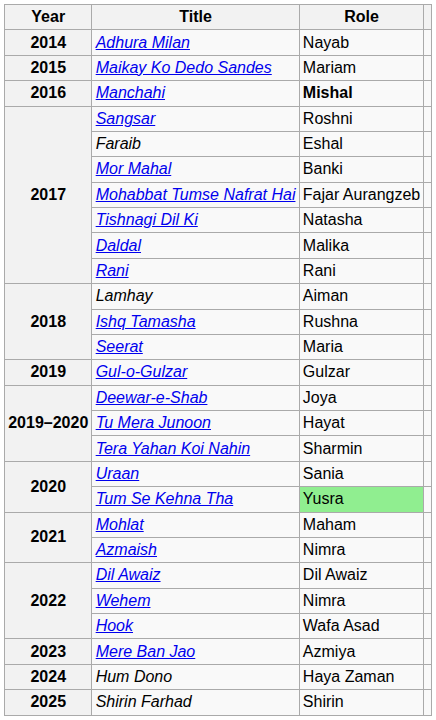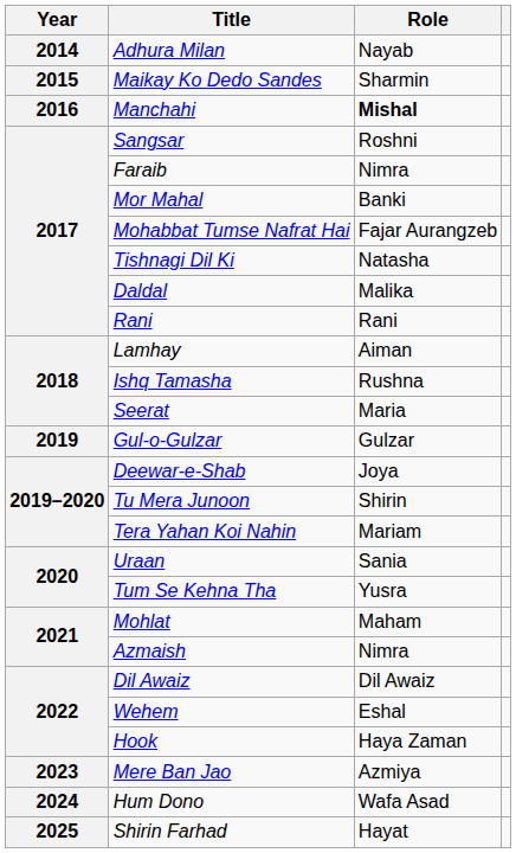 <table class="wikitable sortable plainrowheaders">
 <tr>
 <th>Year</th>
 <th>Title</th>
 <th>Role</th>
 <th class="unsortable"></th>
 </tr>
 <tr>
 <th scope="row" style="text-align:center;">2014</th>
 <td><em><a href='#'>Adhura Milan</a></em></td>
 <td>Nayab</td>
 <td></td>
 </tr>
 <tr>
 <th scope="row" style="text-align:center;">2015</th>
 <td><em><a href='#'>Maikay Ko Dedo Sandes</a></em></td>
-<td>Mariam</td>
+<td>Sharmin</td>
 <td></td>
 </tr>
 <tr>
 <th scope="row" style="text-align:center;">2016</th>
 <td><a href='#'><em>Manchahi</em></a></td>
 <td><strong>Mishal</strong></td>
 <td></td>
 </tr>
 <tr>
 <th scope="row" rowspan="7" style="text-align:center;">2017</th>
 <td><em><a href='#'>Sangsar</a></em></td>
 <td>Roshni</td>
 <td></td>
 </tr>
 <tr>
 <td><em>Faraib</em></td>
-<td>Eshal</td>
+<td>Nimra</td>
 <td></td>
 </tr>
 <tr>
 <td><em><a href='#'>Mor Mahal</a></em></td>
 <td>Banki</td>
 <td></td>
 </tr>
 <tr>
 <td><em><a href='#'>Mohabbat Tumse Nafrat Hai</a></em></td>
 <td>Fajar Aurangzeb</td>
 <td></td>
 </tr>
 <tr>
 <td><em><a href='#'>Tishnagi Dil Ki</a></em></td>
 <td>Natasha</td>
 <td></td>
 </tr>
 <tr>
 <td><em><a href='#'>Daldal</a></em></td>
 <td>Malika</td>
 <td></td>
 </tr>
 <tr>
 <td><em><a href='#'>Rani</a></em></td>
 <td>Rani</td>
 <td></td>
 </tr>
 <tr>
 <th scope="row" rowspan=3 style="text-align:center;">2018</th>
 <td><em>Lamhay</em></td>
 <td>Aiman</td>
 <td></td>
 </tr>
 <tr>
 <td><em><a href='#'>Ishq Tamasha</a></em></td>
 <td>Rushna</td>
 <td></td>
 </tr>
 <tr>
 <td><em><a href='#'>Seerat</a></em></td>
 <td>Maria</td>
 <td></td>
 </tr>
 <tr>
 <th scope="row" style="text-align:center;">2019</th>
 <td><em><a href='#'>Gul-o-Gulzar</a></em></td>
 <td>Gulzar</td>
 <td></td>
 </tr>
 <tr>
 <th scope="row" rowspan=3 style="text-align:center;">2019–2020</th>
 <td><em><a href='#'>Deewar-e-Shab</a></em></td>
 <td>Joya</td>
 <td></td>
 </tr>
 <tr>
 <td><em><a href='#'>Tu Mera Junoon</a></em></td>
-<td>Hayat</td>
+<td>Shirin</td>
 <td></td>
 </tr>
 <tr>
 <td><em><a href='#'>Tera Yahan Koi Nahin</a></em></td>
-<td>Sharmin</td>
+<td>Mariam</td>
 <td></td>
 </tr>
 <tr>
 <th scope="row" rowspan="2" style="text-align:center;">2020</th>
 <td><em><a href='#'>Uraan</a></em></td>
 <td>Sania</td>
 <td></td>
 </tr>
 <tr>
 <td><em><a href='#'>Tum Se Kehna Tha</a></em></td>
-<td style="background: lightgreen;">Yusra</td>
+<td>Yusra</td>
 <td></td>
 </tr>
 <tr>
 <th scope="row" rowspan="2" style="text-align:center;">2021</th>
 <td><em><a href='#'>Mohlat</a></em></td>
 <td>Maham</td>
 <td></td>
 </tr>
 <tr>
 <td><em><a href='#'>Azmaish</a></em></td>
 <td>Nimra</td>
 <td></td>
 </tr>
 <tr>
 <th scope="row" rowspan="3" style="text-align:center;">2022</th>
 <td><em><a href='#'>Dil Awaiz</a></em></td>
 <td>Dil Awaiz</td>
 <td></td>
 </tr>
 <tr>
 <td><em><a href='#'>Wehem</a></em></td>
-<td>Nimra</td>
+<td>Eshal</td>
 <td></td>
 </tr>
 <tr>
 <td><em><a href='#'>Hook</a></em></td>
-<td>Wafa Asad</td>
+<td>Haya Zaman</td>
 <td></td>
 </tr>
 <tr>
 <th scope="row" style="text-align:center;">2023</th>
 <td><em><a href='#'>Mere Ban Jao</a></em></td>
 <td>Azmiya</td>
 <td></td>
 </tr>
 <tr>
 <th scope="row" style="text-align:center;">2024</th>
 <td><em>Hum Dono</em></td>
-<td>Haya Zaman</td>
+<td>Wafa Asad</td>
 <td></td>
 </tr>
 <tr>
 <th scope="row" style="text-align:center;">2025</th>
 <td><em>Shirin Farhad</em></td>
-<td>Shirin</td>
+<td>Hayat</td>
 <td></td>
 </tr>
 <tr>
 </tr>
 </table>
